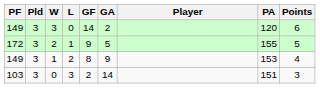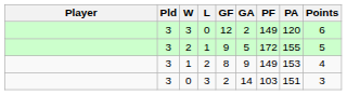 <table class=wikitable style="text-align:center">
 <tr>
-<th width=20>PF</th>
+<th width=220>Player</th>
 <th width=20>Pld</th>
 <th width=20>W</th>
 <th width=20>L</th>
 <th width=20>GF</th>
 <th width=20>GA</th>
-<th width=220>Player</th>
+<th width=20>PF</th>
 <th width=20>PA</th>
 <th width=50>Points</th>
 </tr>
 <tr bgcolor="#ccffcc">
-<td>149</td>
+<td align=left></td>
 <td>3</td>
 <td>3</td>
 <td>0</td>
-<td>14</td>
+<td>12</td>
 <td>2</td>
-<td align=left></td>
+<td>149</td>
 <td>120</td>
 <td>6</td>
 </tr>
 <tr bgcolor="#ccffcc">
-<td>172</td>
+<td align=left></td>
 <td>3</td>
 <td>2</td>
 <td>1</td>
 <td>9</td>
 <td>5</td>
-<td align=left></td>
+<td>172</td>
 <td>155</td>
 <td>5</td>
 </tr>
 <tr>
-<td>149</td>
+<td align=left></td>
 <td>3</td>
 <td>1</td>
 <td>2</td>
 <td>8</td>
 <td>9</td>
-<td align=left></td>
+<td>149</td>
 <td>153</td>
 <td>4</td>
 </tr>
 <tr>
-<td>103</td>
+<td align=left></td>
 <td>3</td>
 <td>0</td>
 <td>3</td>
 <td>2</td>
 <td>14</td>
-<td align=left></td>
+<td>103</td>
 <td>151</td>
 <td>3</td>
 </tr>
 </table>
